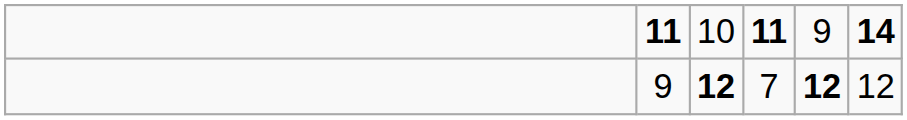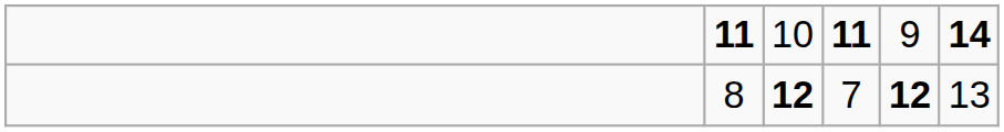 <table class="wikitable">
 <tr>
 <td style="width:18em"><strong></strong></td>
 <td align=center style="width:1em"><strong>11</strong></td>
 <td align=center style="width:1em">10</td>
 <td align=center style="width:1em"><strong>11</strong></td>
 <td align=center style="width:1em">9</td>
 <td align=center style="width:1em"><strong>14</strong></td>
 </tr>
 <tr>
 <td style="width:18em"></td>
-<td align=center style="width:1em">9</td>
+<td align=center style="width:1em">8</td>
 <td align=center style="width:1em"><strong>12</strong></td>
 <td align=center style="width:1em">7</td>
 <td align=center style="width:1em"><strong>12</strong></td>
-<td align=center style="width:1em">12</td>
+<td align=center style="width:1em">13</td>
 </tr>
 </table>
